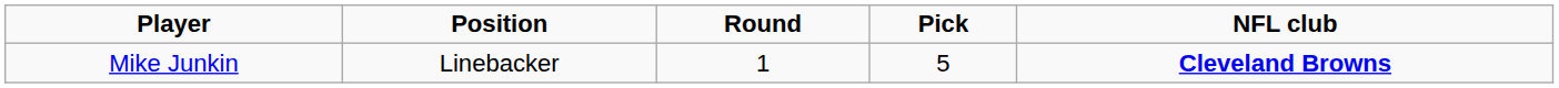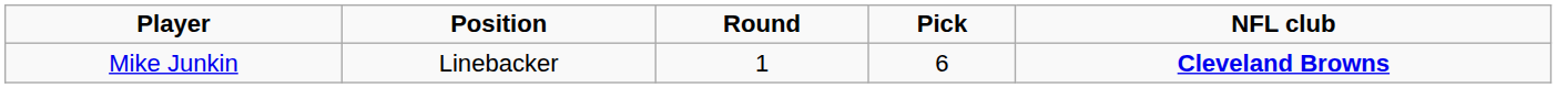 <table class="wikitable" width="80%">
 <tr align="center">
 <td><strong>Player</strong></td>
 <td><strong>Position</strong></td>
 <td><strong>Round</strong></td>
 <td><strong>Pick</strong></td>
 <td><strong>NFL club</strong></td>
 </tr>
 <tr align="center" bgcolor="">
 <td><a href='#'>Mike Junkin</a></td>
 <td>Linebacker</td>
 <td>1</td>
-<td>5</td>
+<td>6</td>
 <td><strong><a href='#'>Cleveland Browns</a></strong></td>
 </tr>
 </table>
